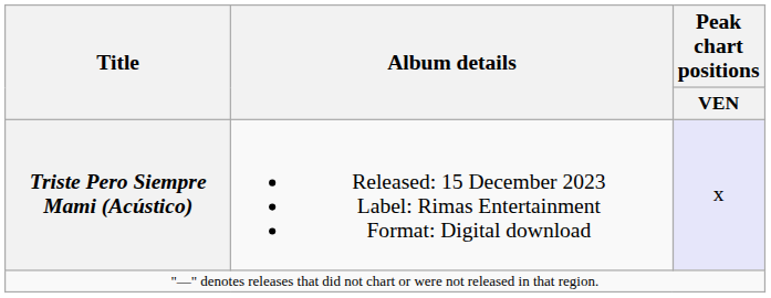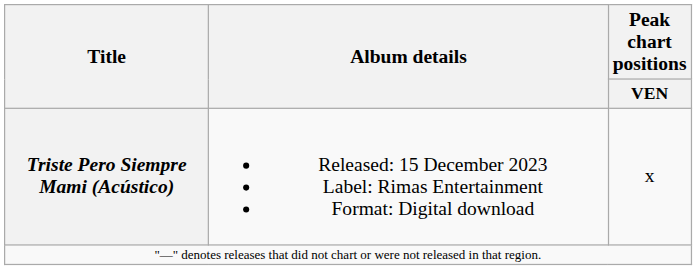 <table class="wikitable plainrowheaders" style="text-align:center;">
 <tr>
 <th rowspan="2" style="width:10em;">Title</th>
 <th rowspan="2" style="width:20em;">Album details</th>
 <th>Peak chart positions</th>
 </tr>
 <tr>
 <th scope="col" style="width:3em;font-size:90%;">VEN</th>
 </tr>
 <tr>
 <th scope="row"><em>Triste Pero Siempre Mami (Acústico)</em></th>
 <td><br><ul><li>Released: 15 December 2023</li><li>Label: Rimas Entertainment</li><li>Format: Digital download</li></ul></td>
-<td style="background: lavender;">x</td>
+<td>x</td>
 </tr>
 <tr>
 <td colspan="3" style="font-size:8pt;">"—" denotes releases that did not chart or were not released in that region.</td>
 </tr>
 </table>
